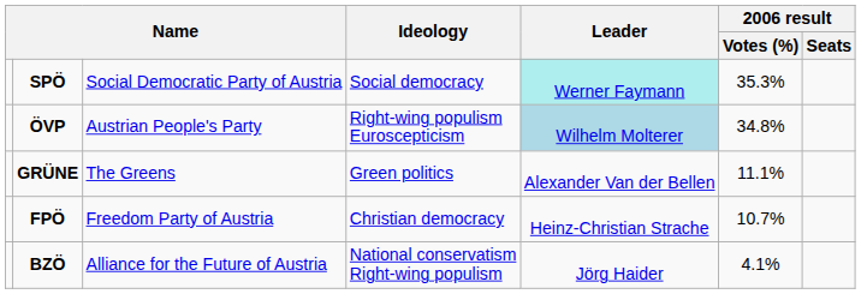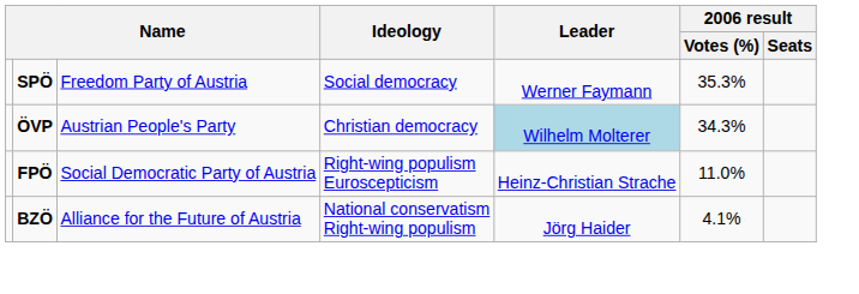 <table class="wikitable">
 <tr>
 <th rowspan="2" colspan="3">Name</th>
 <th rowspan="2">Ideology</th>
 <th rowspan="2">Leader</th>
 <th colspan="2">2006 result</th>
 </tr>
 <tr>
 <th>Votes (%)</th>
 <th>Seats</th>
 </tr>
 <tr>
 <td style="background:"></td>
 <td style="text-align:center;"><strong>SPÖ</strong></td>
-<td><a href='#'>Social Democratic Party of Austria</a><br></td>
+<td><a href='#'>Freedom Party of Austria</a><br></td>
 <td><a href='#'>Social democracy</a></td>
-<td align=center style="background: paleturquoise;"><br><a href='#'>Werner Faymann</a></td>
+<td align=center><br><a href='#'>Werner Faymann</a></td>
 <td style="text-align:center;">35.3%</td>
 <td></td>
 </tr>
 <tr>
 <td style="background:"></td>
 <td style="text-align:center;"><strong>ÖVP</strong></td>
 <td><a href='#'>Austrian People's Party</a><br></td>
-<td><a href='#'>Right-wing populism</a><br><a href='#'>Euroscepticism</a></td>
+<td><a href='#'>Christian democracy</a></td>
 <td align=center style="background: lightblue;"><br><a href='#'>Wilhelm Molterer</a></td>
-<td style="text-align:center;">34.8%</td>
-<td></td>
-</tr>
-<tr>
-<td style="background:"></td>
-<td style="text-align:center;"><strong>GRÜNE</strong></td>
-<td><a href='#'>The Greens</a><br></td>
-<td><a href='#'>Green politics</a></td>
-<td align=center><br><a href='#'>Alexander Van der Bellen</a></td>
-<td style="text-align:center;">11.1%</td>
+<td style="text-align:center;">34.3%</td>
 <td></td>
 </tr>
 <tr>
 <td style="background:"></td>
 <td style="text-align:center;"><strong>FPÖ</strong></td>
-<td><a href='#'>Freedom Party of Austria</a><br></td>
-<td><a href='#'>Christian democracy</a></td>
+<td><a href='#'>Social Democratic Party of Austria</a><br></td>
+<td><a href='#'>Right-wing populism</a><br><a href='#'>Euroscepticism</a></td>
 <td align=center><br><a href='#'>Heinz-Christian Strache</a></td>
-<td style="text-align:center;">10.7%</td>
+<td style="text-align:center;">11.0%</td>
 <td></td>
 </tr>
 <tr>
 <td style="background:"></td>
 <td style="text-align:center;"><strong>BZÖ</strong></td>
 <td><a href='#'>Alliance for the Future of Austria</a><br></td>
 <td><a href='#'>National conservatism</a><br><a href='#'>Right-wing populism</a></td>
 <td align=center><br><a href='#'>Jörg Haider</a></td>
 <td style="text-align:center;">4.1%</td>
 <td></td>
 </tr>
 </table>
